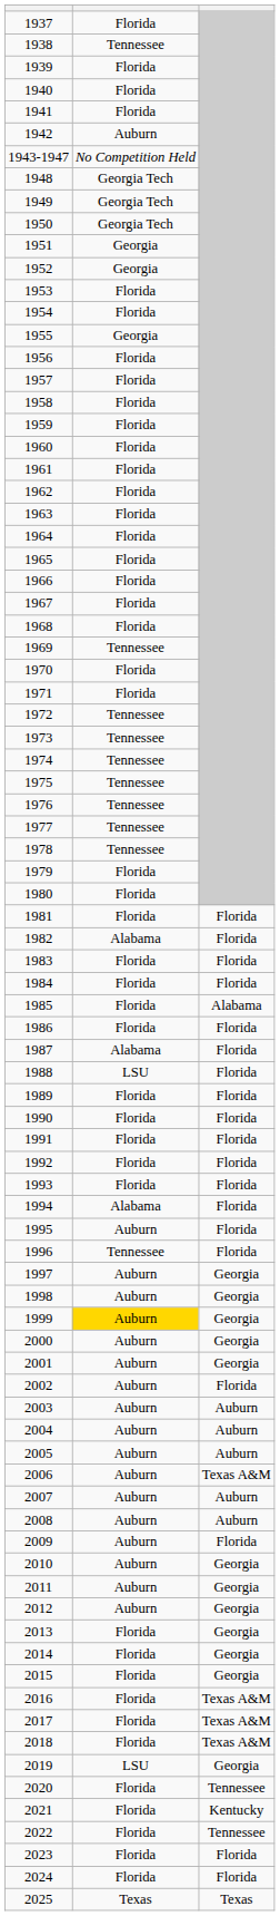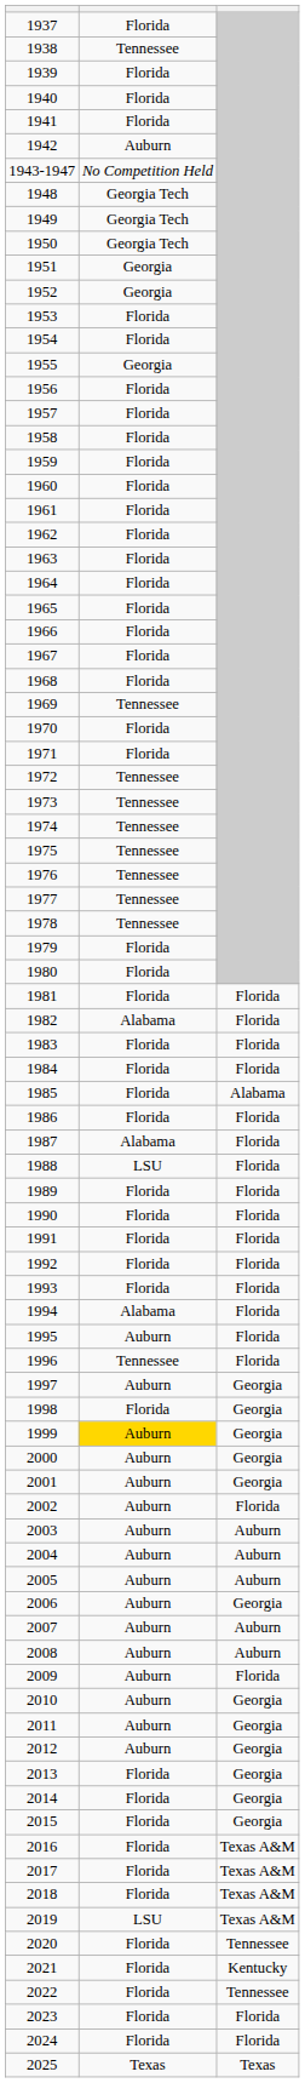 <table class="wikitable" style="text-align: center;">
 <tr>
 <th></th>
 <th></th>
 <th></th>
 </tr>
 <tr>
 <td>1937</td>
 <td>Florida</td>
 <td bgcolor="#cccccc" rowspan="40"></td>
 </tr>
 <tr>
 <td>1938</td>
 <td>Tennessee</td>
 </tr>
 <tr>
 <td>1939</td>
 <td>Florida</td>
 </tr>
 <tr>
 <td>1940</td>
 <td>Florida</td>
 </tr>
 <tr>
 <td>1941</td>
 <td>Florida</td>
 </tr>
 <tr>
 <td>1942</td>
 <td>Auburn</td>
 </tr>
 <tr>
 <td>1943-1947</td>
 <td><em>No Competition Held</em></td>
 </tr>
 <tr>
 <td>1948</td>
 <td>Georgia Tech</td>
 </tr>
 <tr>
 <td>1949</td>
 <td>Georgia Tech</td>
 </tr>
 <tr>
 <td>1950</td>
 <td>Georgia Tech</td>
 </tr>
 <tr>
 <td>1951</td>
 <td>Georgia</td>
 </tr>
 <tr>
 <td>1952</td>
 <td>Georgia</td>
 </tr>
 <tr>
 <td>1953</td>
 <td>Florida</td>
 </tr>
 <tr>
 <td>1954</td>
 <td>Florida</td>
 </tr>
 <tr>
 <td>1955</td>
 <td>Georgia</td>
 </tr>
 <tr>
 <td>1956</td>
 <td>Florida</td>
 </tr>
 <tr>
 <td>1957</td>
 <td>Florida</td>
 </tr>
 <tr>
 <td>1958</td>
 <td>Florida</td>
 </tr>
 <tr>
 <td>1959</td>
 <td>Florida</td>
 </tr>
 <tr>
 <td>1960</td>
 <td>Florida</td>
 </tr>
 <tr>
 <td>1961</td>
 <td>Florida</td>
 </tr>
 <tr>
 <td>1962</td>
 <td>Florida</td>
 </tr>
 <tr>
 <td>1963</td>
 <td>Florida</td>
 </tr>
 <tr>
 <td>1964</td>
 <td>Florida</td>
 </tr>
 <tr>
 <td>1965</td>
 <td>Florida</td>
 </tr>
 <tr>
 <td>1966</td>
 <td>Florida</td>
 </tr>
 <tr>
 <td>1967</td>
 <td>Florida</td>
 </tr>
 <tr>
 <td>1968</td>
 <td>Florida</td>
 </tr>
 <tr>
 <td>1969</td>
 <td>Tennessee</td>
 </tr>
 <tr>
 <td>1970</td>
 <td>Florida</td>
 </tr>
 <tr>
 <td>1971</td>
 <td>Florida</td>
 </tr>
 <tr>
 <td>1972</td>
 <td>Tennessee</td>
 </tr>
 <tr>
 <td>1973</td>
 <td>Tennessee</td>
 </tr>
 <tr>
 <td>1974</td>
 <td>Tennessee</td>
 </tr>
 <tr>
 <td>1975</td>
 <td>Tennessee</td>
 </tr>
 <tr>
 <td>1976</td>
 <td>Tennessee</td>
 </tr>
 <tr>
 <td>1977</td>
 <td>Tennessee</td>
 </tr>
 <tr>
 <td>1978</td>
 <td>Tennessee</td>
 </tr>
 <tr>
 <td>1979</td>
 <td>Florida</td>
 </tr>
 <tr>
 <td>1980</td>
 <td>Florida</td>
 </tr>
 <tr>
 <td>1981</td>
 <td>Florida</td>
 <td>Florida</td>
 </tr>
 <tr>
 <td>1982</td>
 <td>Alabama</td>
 <td>Florida</td>
 </tr>
 <tr>
 <td>1983</td>
 <td>Florida</td>
 <td>Florida</td>
 </tr>
 <tr>
 <td>1984</td>
 <td>Florida</td>
 <td>Florida</td>
 </tr>
 <tr>
 <td>1985</td>
 <td>Florida</td>
 <td>Alabama</td>
 </tr>
 <tr>
 <td>1986</td>
 <td>Florida</td>
 <td>Florida</td>
 </tr>
 <tr>
 <td>1987</td>
 <td>Alabama</td>
 <td>Florida</td>
 </tr>
 <tr>
 <td>1988</td>
 <td>LSU</td>
 <td>Florida</td>
 </tr>
 <tr>
 <td>1989</td>
 <td>Florida</td>
 <td>Florida</td>
 </tr>
 <tr>
 <td>1990</td>
 <td>Florida</td>
 <td>Florida</td>
 </tr>
 <tr>
 <td>1991</td>
 <td>Florida</td>
 <td>Florida</td>
 </tr>
 <tr>
 <td>1992</td>
 <td>Florida</td>
 <td>Florida</td>
 </tr>
 <tr>
 <td>1993</td>
 <td>Florida</td>
 <td>Florida</td>
 </tr>
 <tr>
 <td>1994</td>
 <td>Alabama</td>
 <td>Florida</td>
 </tr>
 <tr>
 <td>1995</td>
 <td>Auburn</td>
 <td>Florida</td>
 </tr>
 <tr>
 <td>1996</td>
 <td>Tennessee</td>
 <td>Florida</td>
 </tr>
 <tr>
 <td>1997</td>
 <td>Auburn</td>
 <td>Georgia</td>
 </tr>
 <tr>
 <td>1998</td>
-<td>Auburn</td>
+<td>Florida</td>
 <td>Georgia</td>
 </tr>
 <tr>
 <td>1999</td>
 <td style="background: gold;">Auburn</td>
 <td>Georgia</td>
 </tr>
 <tr>
 <td>2000</td>
 <td>Auburn</td>
 <td>Georgia</td>
 </tr>
 <tr>
 <td>2001</td>
 <td>Auburn</td>
 <td>Georgia</td>
 </tr>
 <tr>
 <td>2002</td>
 <td>Auburn</td>
 <td>Florida</td>
 </tr>
 <tr>
 <td>2003</td>
 <td>Auburn</td>
 <td>Auburn</td>
 </tr>
 <tr>
 <td>2004</td>
 <td>Auburn</td>
 <td>Auburn</td>
 </tr>
 <tr>
 <td>2005</td>
 <td>Auburn</td>
 <td>Auburn</td>
 </tr>
 <tr>
 <td>2006</td>
 <td>Auburn</td>
-<td>Texas A&M</td>
+<td>Georgia</td>
 </tr>
 <tr>
 <td>2007</td>
 <td>Auburn</td>
 <td>Auburn</td>
 </tr>
 <tr>
 <td>2008</td>
 <td>Auburn</td>
 <td>Auburn</td>
 </tr>
 <tr>
 <td>2009</td>
 <td>Auburn</td>
 <td>Florida</td>
 </tr>
 <tr>
 <td>2010</td>
 <td>Auburn</td>
 <td>Georgia</td>
 </tr>
 <tr>
 <td>2011</td>
 <td>Auburn</td>
 <td>Georgia</td>
 </tr>
 <tr>
 <td>2012</td>
 <td>Auburn</td>
 <td>Georgia</td>
 </tr>
 <tr>
 <td>2013</td>
 <td>Florida</td>
 <td>Georgia</td>
 </tr>
 <tr>
 <td>2014</td>
 <td>Florida</td>
 <td>Georgia</td>
 </tr>
 <tr>
 <td>2015</td>
 <td>Florida</td>
 <td>Georgia</td>
 </tr>
 <tr>
 <td>2016</td>
 <td>Florida</td>
 <td>Texas A&M</td>
 </tr>
 <tr>
 <td>2017</td>
 <td>Florida</td>
 <td>Texas A&M</td>
 </tr>
 <tr>
 <td>2018</td>
 <td>Florida</td>
 <td>Texas A&M</td>
 </tr>
 <tr>
 <td>2019</td>
 <td>LSU</td>
-<td>Georgia</td>
+<td>Texas A&M</td>
 </tr>
 <tr>
 <td>2020</td>
 <td>Florida</td>
 <td>Tennessee</td>
 </tr>
 <tr>
 <td>2021</td>
 <td>Florida</td>
 <td>Kentucky</td>
 </tr>
 <tr>
 <td>2022</td>
 <td>Florida</td>
 <td>Tennessee</td>
 </tr>
 <tr>
 <td>2023</td>
 <td>Florida</td>
 <td>Florida</td>
 </tr>
 <tr>
 <td>2024</td>
 <td>Florida</td>
 <td>Florida</td>
 </tr>
 <tr>
 <td>2025</td>
 <td>Texas</td>
 <td>Texas</td>
 </tr>
 </table>
